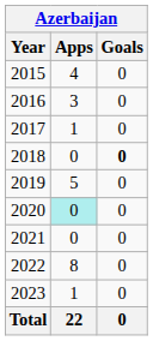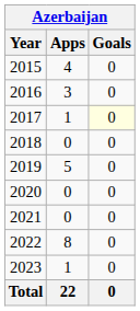 <table class="wikitable" style="text-align:center">
 <tr>
 <th colspan=3><a href='#'>Azerbaijan</a></th>
 </tr>
 <tr>
 <th>Year</th>
 <th>Apps</th>
 <th>Goals</th>
 </tr>
 <tr>
 <td>2015</td>
 <td>4</td>
 <td>0</td>
 </tr>
 <tr>
 <td>2016</td>
 <td>3</td>
 <td>0</td>
 </tr>
 <tr>
 <td>2017</td>
 <td>1</td>
-<td>0</td>
+<td style="background: lightyellow;">0</td>
 </tr>
 <tr>
 <td>2018</td>
 <td>0</td>
-<td><strong>0</strong></td>
+<td>0</td>
 </tr>
 <tr>
 <td>2019</td>
 <td>5</td>
 <td>0</td>
 </tr>
 <tr>
 <td>2020</td>
-<td style="background: paleturquoise;">0</td>
+<td>0</td>
 <td>0</td>
 </tr>
 <tr>
 <td>2021</td>
 <td>0</td>
 <td>0</td>
 </tr>
 <tr>
 <td>2022</td>
 <td>8</td>
 <td>0</td>
 </tr>
 <tr>
 <td>2023</td>
 <td>1</td>
 <td>0</td>
 </tr>
 <tr>
 <th>Total</th>
 <th>22</th>
 <th>0</th>
 </tr>
 </table>
